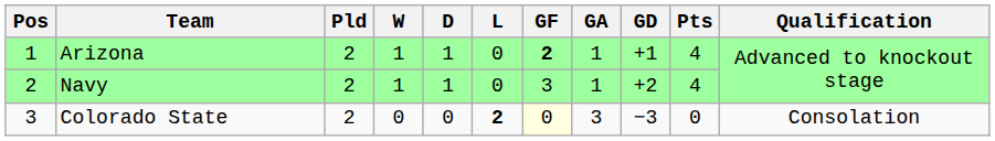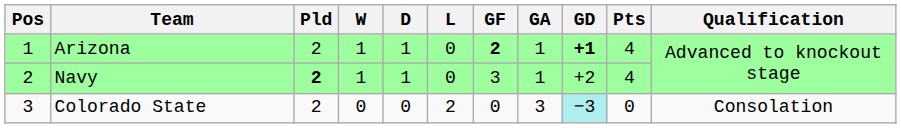 <table class="wikitable" style="text-align:center; margin: 1em auto">
 <tr>
 <th style="width:2em">Pos</th>
 <th style="width:13em">Team</th>
 <th style="width:2em">Pld</th>
 <th style="width:2em">W</th>
 <th style="width:2em">D</th>
 <th style="width:2em">L</th>
 <th style="width:2em">GF</th>
 <th style="width:2em">GA</th>
 <th style="width:2em">GD</th>
 <th style="width:2em">Pts</th>
 <th style="width:13em">Qualification</th>
 </tr>
 <tr bgcolor="#9eff9e">
 <td>1</td>
 <td style="text-align:left">Arizona</td>
 <td>2</td>
 <td>1</td>
 <td>1</td>
 <td>0</td>
 <td><strong>2</strong></td>
 <td>1</td>
-<td>+1</td>
+<td><strong>+1</strong></td>
 <td>4</td>
 <td rowspan="2">Advanced to knockout stage</td>
 </tr>
 <tr bgcolor="#9eff9e">
 <td>2</td>
 <td style="text-align:left">Navy</td>
-<td>2</td>
+<td><strong>2</strong></td>
 <td>1</td>
 <td>1</td>
 <td>0</td>
 <td>3</td>
 <td>1</td>
 <td>+2</td>
 <td>4</td>
 </tr>
 <tr>
 <td>3</td>
 <td style="text-align:left">Colorado State</td>
 <td>2</td>
 <td>0</td>
 <td>0</td>
-<td><strong>2</strong></td>
-<td style="background: lightyellow;">0</td>
+<td>2</td>
+<td>0</td>
 <td>3</td>
-<td>−3</td>
+<td style="background: paleturquoise;">−3</td>
 <td>0</td>
 <td>Consolation</td>
 </tr>
 </table>
